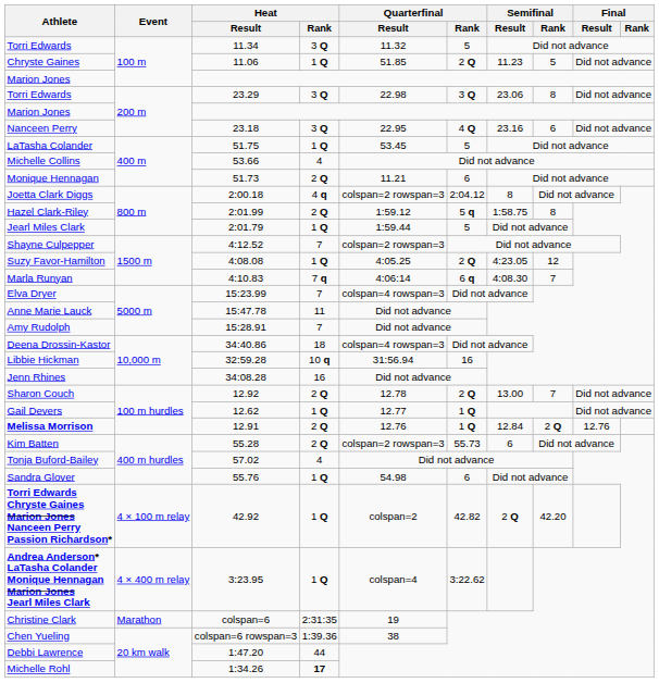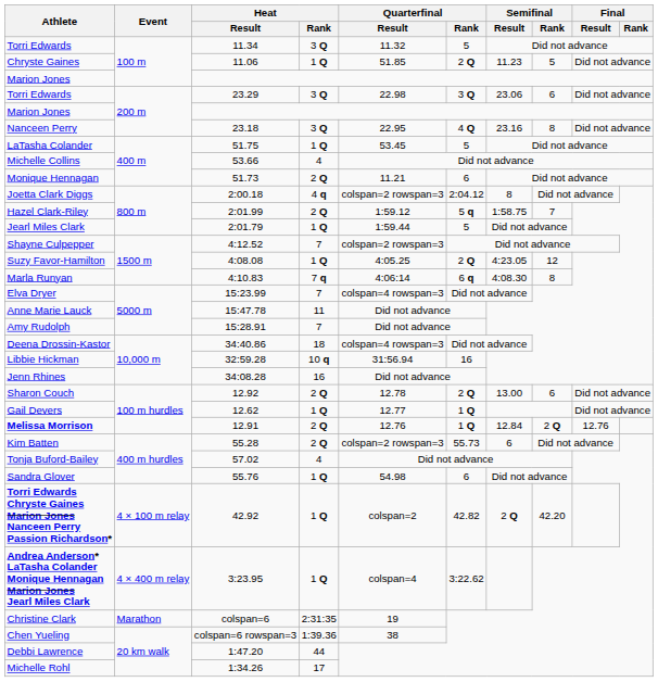 <table class=wikitable style=font-size:90%;text-align:center>
 <tr>
 <th rowspan=2>Athlete</th>
 <th rowspan=2>Event</th>
 <th colspan=2>Heat</th>
 <th colspan=2>Quarterfinal</th>
 <th colspan=2>Semifinal</th>
 <th colspan=2>Final</th>
 </tr>
 <tr style=font-size:95%>
 <th>Result</th>
 <th>Rank</th>
 <th>Result</th>
 <th>Rank</th>
 <th>Result</th>
 <th>Rank</th>
 <th>Result</th>
 <th>Rank</th>
 </tr>
 <tr>
 <td align=left><a href='#'>Torri Edwards</a></td>
 <td align=left rowspan=3><a href='#'>100 m</a></td>
 <td>11.34</td>
 <td>3 <strong>Q</strong></td>
 <td>11.32</td>
 <td>5</td>
 <td colspan=4>Did not advance</td>
 </tr>
 <tr>
 <td align=left><a href='#'>Chryste Gaines</a></td>
 <td>11.06</td>
 <td>1 <strong>Q</strong></td>
 <td>51.85</td>
 <td>2 <strong>Q</strong></td>
 <td>11.23</td>
 <td>5</td>
 <td colspan=2>Did not advance</td>
 </tr>
 <tr>
 <td align=left><a href='#'>Marion Jones</a></td>
 <td colspan=8></td>
 </tr>
 <tr>
 <td align=left><a href='#'>Torri Edwards</a></td>
 <td align=left rowspan=3><a href='#'>200 m</a></td>
 <td>23.29</td>
 <td>3 <strong>Q</strong></td>
 <td>22.98</td>
 <td>3 <strong>Q</strong></td>
 <td>23.06</td>
-<td>8</td>
+<td>6</td>
 <td colspan=2>Did not advance</td>
 </tr>
 <tr>
 <td align=left><a href='#'>Marion Jones</a></td>
 <td colspan=8></td>
 </tr>
 <tr>
 <td align=left><a href='#'>Nanceen Perry</a></td>
 <td>23.18</td>
 <td>3 <strong>Q</strong></td>
 <td>22.95</td>
 <td>4 <strong>Q</strong></td>
 <td>23.16</td>
-<td>6</td>
+<td>8</td>
 <td colspan=2>Did not advance</td>
 </tr>
 <tr>
 <td align=left><a href='#'>LaTasha Colander</a></td>
 <td align=left rowspan=3><a href='#'>400 m</a></td>
 <td>51.75</td>
 <td>1 <strong>Q</strong></td>
 <td>53.45</td>
 <td>5</td>
 <td colspan=4>Did not advance</td>
 </tr>
 <tr>
 <td align=left><a href='#'>Michelle Collins</a></td>
 <td>53.66</td>
 <td>4</td>
 <td colspan=6>Did not advance</td>
 </tr>
 <tr>
 <td align=left><a href='#'>Monique Hennagan</a></td>
 <td>51.73</td>
 <td>2 <strong>Q</strong></td>
 <td>11.21</td>
 <td>6</td>
 <td colspan=4>Did not advance</td>
 </tr>
 <tr>
 <td align=left><a href='#'>Joetta Clark Diggs</a></td>
 <td align=left rowspan=3><a href='#'>800 m</a></td>
 <td>2:00.18</td>
 <td>4 <strong>q</strong></td>
 <td>colspan=2 rowspan=3 </td>
 <td>2:04.12</td>
 <td>8</td>
 <td colspan=2>Did not advance</td>
 </tr>
 <tr>
 <td align=left><a href='#'>Hazel Clark-Riley</a></td>
 <td>2:01.99</td>
 <td>2 <strong>Q</strong></td>
 <td>1:59.12</td>
 <td>5 <strong>q</strong></td>
 <td>1:58.75</td>
-<td>8</td>
+<td>7</td>
 </tr>
 <tr>
 <td align=left><a href='#'>Jearl Miles Clark</a></td>
 <td>2:01.79</td>
 <td>1 <strong>Q</strong></td>
 <td>1:59.44</td>
 <td>5</td>
 <td colspan=2>Did not advance</td>
 </tr>
 <tr>
 <td align=left><a href='#'>Shayne Culpepper</a></td>
 <td align=left rowspan=3><a href='#'>1500 m</a></td>
 <td>4:12.52</td>
 <td>7</td>
 <td>colspan=2 rowspan=3 </td>
 <td colspan=4>Did not advance</td>
 </tr>
 <tr>
 <td align=left><a href='#'>Suzy Favor-Hamilton</a></td>
 <td>4:08.08</td>
 <td>1 <strong>Q</strong></td>
 <td>4:05.25</td>
 <td>2 <strong>Q</strong></td>
 <td>4:23.05</td>
 <td>12</td>
 </tr>
 <tr>
 <td align=left><a href='#'>Marla Runyan</a></td>
 <td>4:10.83</td>
 <td>7 <strong>q</strong></td>
 <td>4:06:14</td>
 <td>6 <strong>q</strong></td>
 <td>4:08.30</td>
-<td>7</td>
+<td>8</td>
 </tr>
 <tr>
 <td align=left><a href='#'>Elva Dryer</a></td>
 <td align=left rowspan=3><a href='#'>5000 m</a></td>
 <td>15:23.99</td>
 <td>7</td>
 <td>colspan=4 rowspan=3 </td>
 <td colspan=2>Did not advance</td>
 </tr>
 <tr>
 <td align=left><a href='#'>Anne Marie Lauck</a></td>
 <td>15:47.78</td>
 <td>11</td>
 <td colspan=2>Did not advance</td>
 </tr>
 <tr>
 <td align=left><a href='#'>Amy Rudolph</a></td>
 <td>15:28.91</td>
 <td>7</td>
 <td colspan=2>Did not advance</td>
 </tr>
 <tr>
 <td align=left><a href='#'>Deena Drossin-Kastor</a></td>
 <td align=left rowspan=3><a href='#'>10,000 m</a></td>
 <td>34:40.86</td>
 <td>18</td>
 <td>colspan=4 rowspan=3 </td>
 <td colspan=2>Did not advance</td>
 </tr>
 <tr>
 <td align=left><a href='#'>Libbie Hickman</a></td>
 <td>32:59.28</td>
 <td>10 <strong>q</strong></td>
 <td>31:56.94</td>
 <td>16</td>
 </tr>
 <tr>
 <td align=left><a href='#'>Jenn Rhines</a></td>
 <td>34:08.28</td>
 <td>16</td>
 <td colspan=2>Did not advance</td>
 </tr>
 <tr>
 <td align=left><a href='#'>Sharon Couch</a></td>
 <td align=left rowspan=3><a href='#'>100 m hurdles</a></td>
 <td>12.92</td>
 <td>2 <strong>Q</strong></td>
 <td>12.78</td>
 <td>2 <strong>Q</strong></td>
 <td>13.00</td>
-<td>7</td>
+<td>6</td>
 <td colspan=2>Did not advance</td>
 </tr>
 <tr>
 <td align=left><a href='#'>Gail Devers</a></td>
 <td>12.62</td>
 <td>1 <strong>Q</strong></td>
 <td>12.77</td>
 <td>1 <strong>Q</strong></td>
 <td colspan=2></td>
 <td colspan=2>Did not advance</td>
 </tr>
 <tr>
 <td align=left><strong><a href='#'>Melissa Morrison</a></strong></td>
 <td>12.91</td>
 <td>2 <strong>Q</strong></td>
 <td>12.76</td>
 <td>1 <strong>Q</strong></td>
 <td>12.84</td>
 <td>2 <strong>Q</strong></td>
 <td>12.76</td>
 <td></td>
 </tr>
 <tr>
 <td align=left><a href='#'>Kim Batten</a></td>
 <td align=left rowspan=3><a href='#'>400 m hurdles</a></td>
 <td>55.28</td>
 <td>2 <strong>Q</strong></td>
 <td>colspan=2 rowspan=3 </td>
 <td>55.73</td>
 <td>6</td>
 <td colspan=2>Did not advance</td>
 </tr>
 <tr>
 <td align=left><a href='#'>Tonja Buford-Bailey</a></td>
 <td>57.02</td>
 <td>4</td>
 <td colspan=4>Did not advance</td>
 </tr>
 <tr>
 <td align=left><a href='#'>Sandra Glover</a></td>
 <td>55.76</td>
 <td>1 <strong>Q</strong></td>
 <td>54.98</td>
 <td>6</td>
 <td colspan=2>Did not advance</td>
 </tr>
 <tr>
 <td align=left><strong><a href='#'>Torri Edwards</a><br><a href='#'>Chryste Gaines</a><br><s><a href='#'>Marion Jones</a></s><br><a href='#'>Nanceen Perry</a><br><a href='#'>Passion Richardson</a>*</strong></td>
 <td align=left><a href='#'>4 × 100 m relay</a></td>
 <td>42.92</td>
 <td>1 <strong>Q</strong></td>
 <td>colspan=2 </td>
 <td>42.82</td>
 <td>2 <strong>Q</strong></td>
 <td>42.20</td>
 <td></td>
 </tr>
 <tr>
 <td align=left><strong><a href='#'>Andrea Anderson</a>*<br><a href='#'>LaTasha Colander</a><br><a href='#'>Monique Hennagan</a><br><s><a href='#'>Marion Jones</a></s><br><a href='#'>Jearl Miles Clark</a></strong></td>
 <td align=left><a href='#'>4 × 400 m relay</a></td>
 <td>3:23.95</td>
 <td>1 <strong>Q</strong></td>
 <td>colspan=4 </td>
 <td>3:22.62</td>
 <td></td>
 </tr>
 <tr>
 <td align=left><a href='#'>Christine Clark</a></td>
 <td align=left><a href='#'>Marathon</a></td>
 <td>colspan=6 </td>
 <td>2:31:35</td>
 <td>19</td>
 </tr>
 <tr>
 <td align=left><a href='#'>Chen Yueling</a></td>
 <td align=left rowspan=3><a href='#'>20 km walk</a></td>
 <td>colspan=6 rowspan=3 </td>
 <td>1:39.36</td>
 <td>38</td>
 </tr>
 <tr>
 <td align=left><a href='#'>Debbi Lawrence</a></td>
 <td>1:47.20</td>
 <td>44</td>
 </tr>
 <tr>
 <td align=left><a href='#'>Michelle Rohl</a></td>
 <td>1:34.26</td>
-<td><strong>17</strong></td>
+<td>17</td>
 </tr>
 </table>
